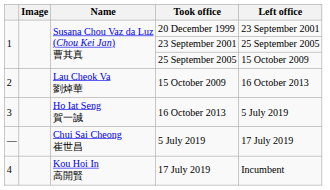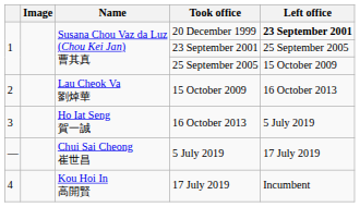 <table class="wikitable sortable">
 <tr>
 <th></th>
 <th>Image</th>
 <th>Name</th>
 <th>Took office</th>
 <th>Left office</th>
 </tr>
 <tr>
 <td rowspan=3>1</td>
 <td rowspan=3></td>
 <td rowspan=3><a href='#'>Susana Chou Vaz da Luz<br>(<em>Chou Kei Jan</em>)</a><br>曹其真</td>
 <td>20 December 1999</td>
-<td>23 September 2001</td>
+<td><strong>23 September 2001</strong></td>
 </tr>
 <tr>
 <td>23 September 2001</td>
 <td>25 September 2005</td>
 </tr>
 <tr>
 <td>25 September 2005</td>
 <td>15 October 2009</td>
 </tr>
 <tr>
 <td>2</td>
 <td></td>
 <td><a href='#'>Lau Cheok Va</a><br>劉焯華</td>
 <td>15 October 2009</td>
 <td>16 October 2013</td>
 </tr>
 <tr>
 <td>3</td>
 <td></td>
 <td><a href='#'>Ho Iat Seng</a><br>賀一誠</td>
 <td>16 October 2013</td>
 <td>5 July 2019</td>
 </tr>
 <tr>
 <td>—</td>
 <td></td>
 <td><a href='#'>Chui Sai Cheong</a><br>崔世昌</td>
 <td>5 July 2019</td>
 <td>17 July 2019</td>
 </tr>
 <tr>
 <td>4</td>
 <td></td>
 <td><a href='#'>Kou Hoi In</a><br>高開賢</td>
 <td>17 July 2019</td>
 <td>Incumbent</td>
 </tr>
 </table>
